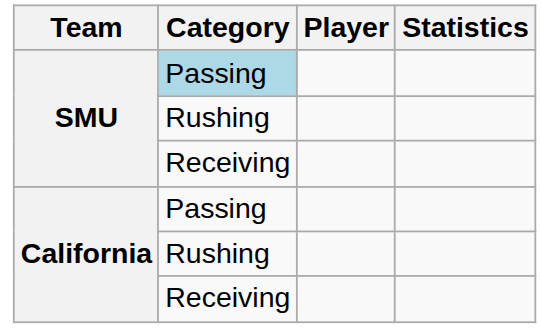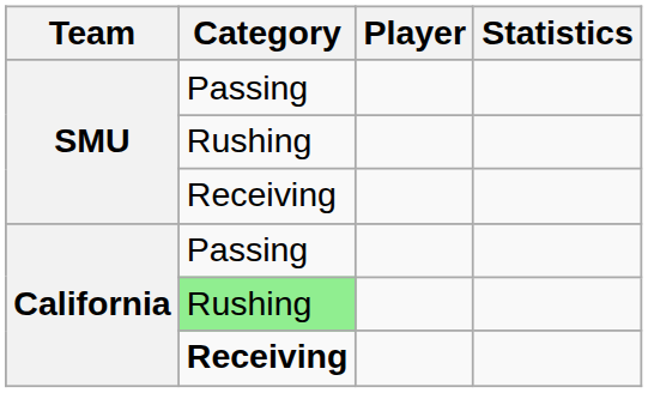 <table class="wikitable" style="float:right">
 <tr>
 <th>Team</th>
 <th>Category</th>
 <th>Player</th>
 <th>Statistics</th>
 </tr>
 <tr>
 <th rowspan=3>SMU</th>
-<td style="background: lightblue;">Passing</td>
+<td>Passing</td>
 <td></td>
 <td></td>
 </tr>
 <tr>
 <td>Rushing</td>
 <td></td>
 <td></td>
 </tr>
 <tr>
 <td>Receiving</td>
 <td></td>
 <td></td>
 </tr>
 <tr>
 <th rowspan=3>California</th>
 <td>Passing</td>
 <td></td>
 <td></td>
 </tr>
 <tr>
-<td>Rushing</td>
+<td style="background: lightgreen;">Rushing</td>
 <td></td>
 <td></td>
 </tr>
 <tr>
-<td>Receiving</td>
+<td><strong>Receiving</strong></td>
 <td></td>
 <td></td>
 </tr>
 </table>
